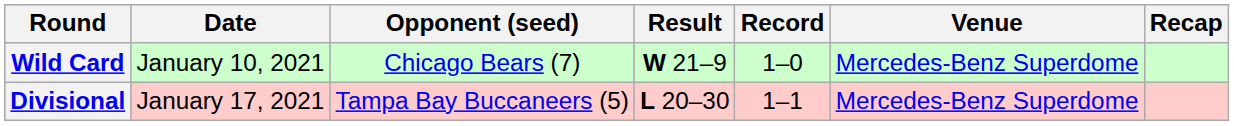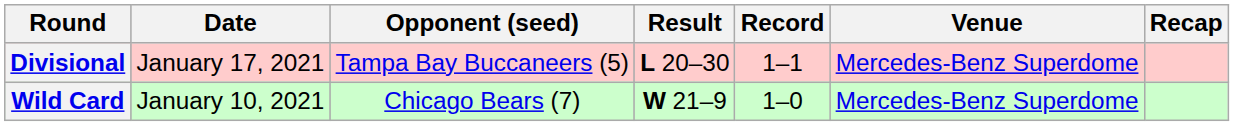 <table class="wikitable" style="text-align:center">
 <tr>
 <th>Round</th>
 <th>Date</th>
 <th>Opponent (seed)</th>
 <th>Result</th>
 <th>Record</th>
 <th>Venue</th>
 <th>Recap</th>
 </tr>
+<tr style="background:#fcc">
+<th><a href='#'>Divisional</a></th>
+<td>January 17, 2021</td>
+<td><a href='#'>Tampa Bay Buccaneers</a> (5)</td>
+<td><strong>L</strong> 20–30</td>
+<td>1–1</td>
+<td><a href='#'>Mercedes-Benz Superdome</a></td>
+<td></td>
+</tr>
 <tr style="background:#cfc">
 <th><a href='#'>Wild Card</a></th>
 <td>January 10, 2021</td>
 <td><a href='#'>Chicago Bears</a> (7)</td>
 <td><strong>W</strong> 21–9</td>
 <td>1–0</td>
 <td><a href='#'>Mercedes-Benz Superdome</a></td>
 <td></td>
 </tr>
-<tr style="background:#fcc">
-<th><a href='#'>Divisional</a></th>
-<td>January 17, 2021</td>
-<td><a href='#'>Tampa Bay Buccaneers</a> (5)</td>
-<td><strong>L</strong> 20–30</td>
-<td>1–1</td>
-<td><a href='#'>Mercedes-Benz Superdome</a></td>
-<td></td>
-</tr>
 </table>
